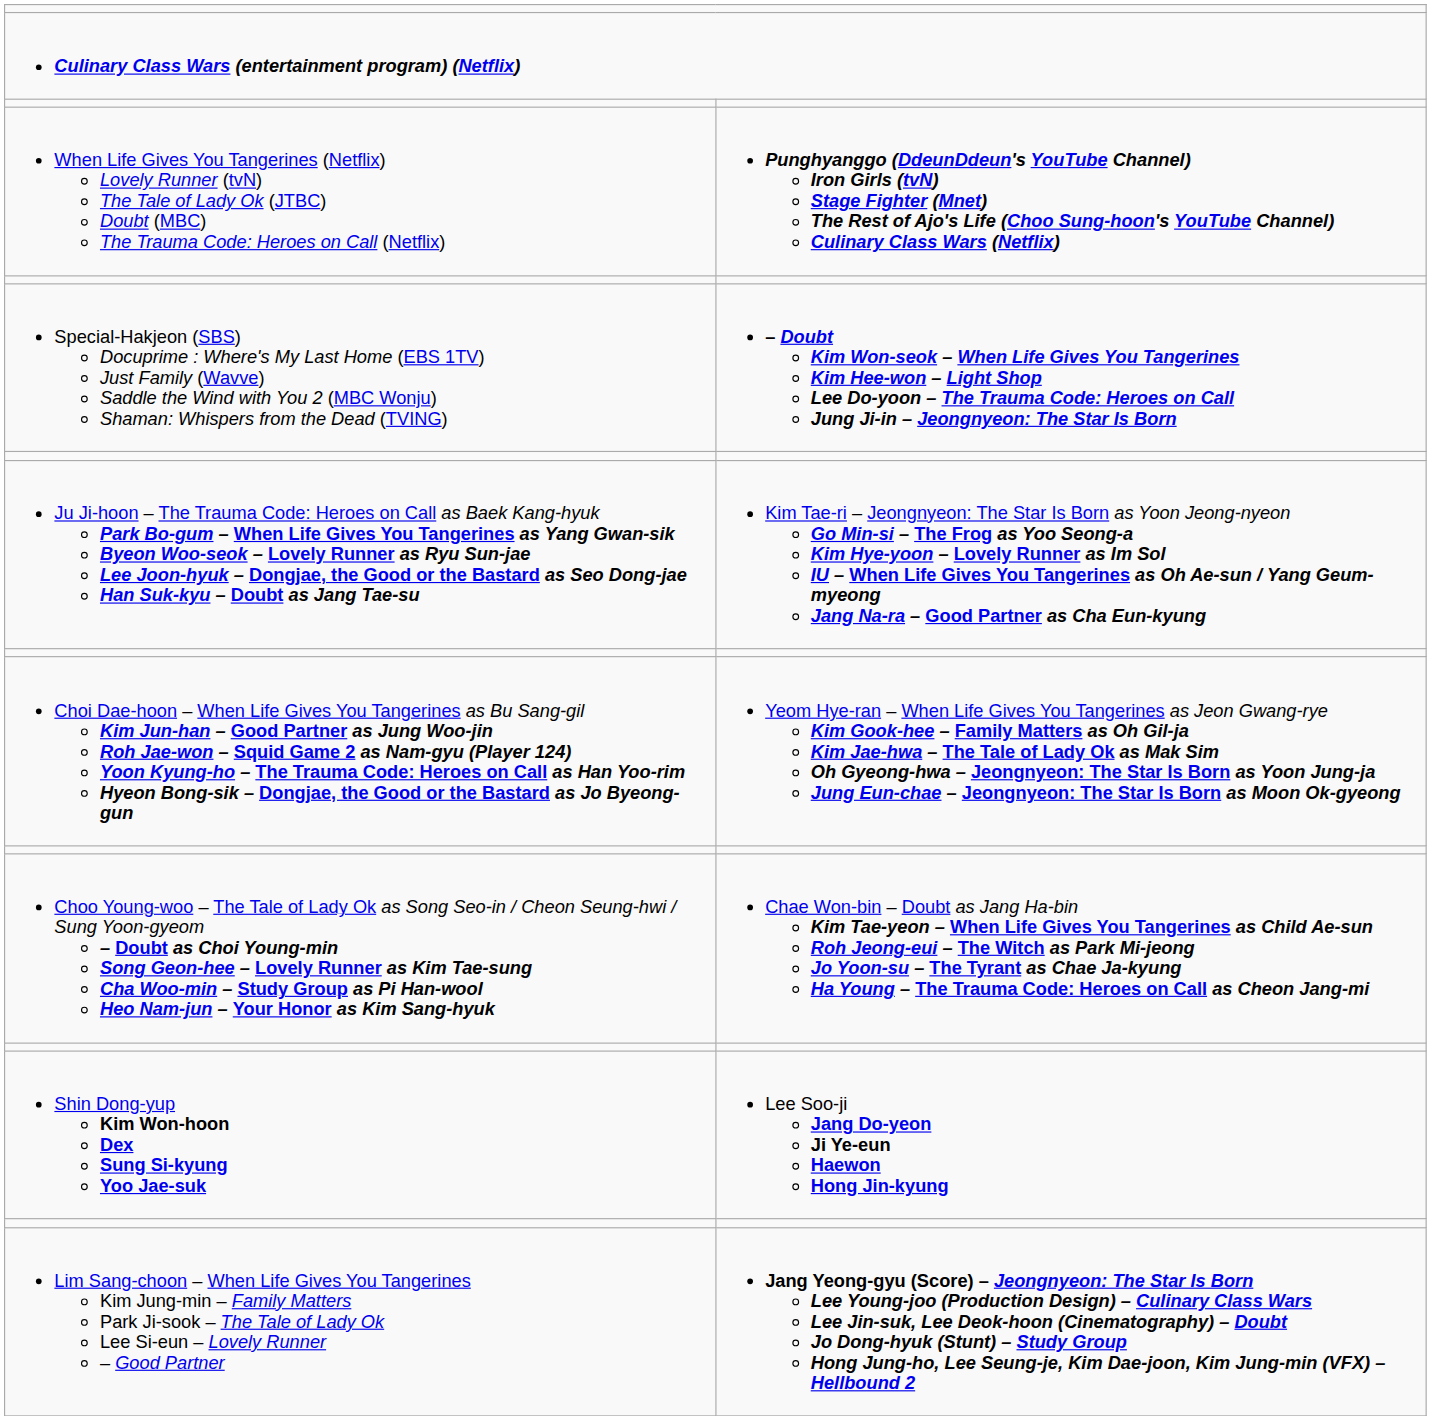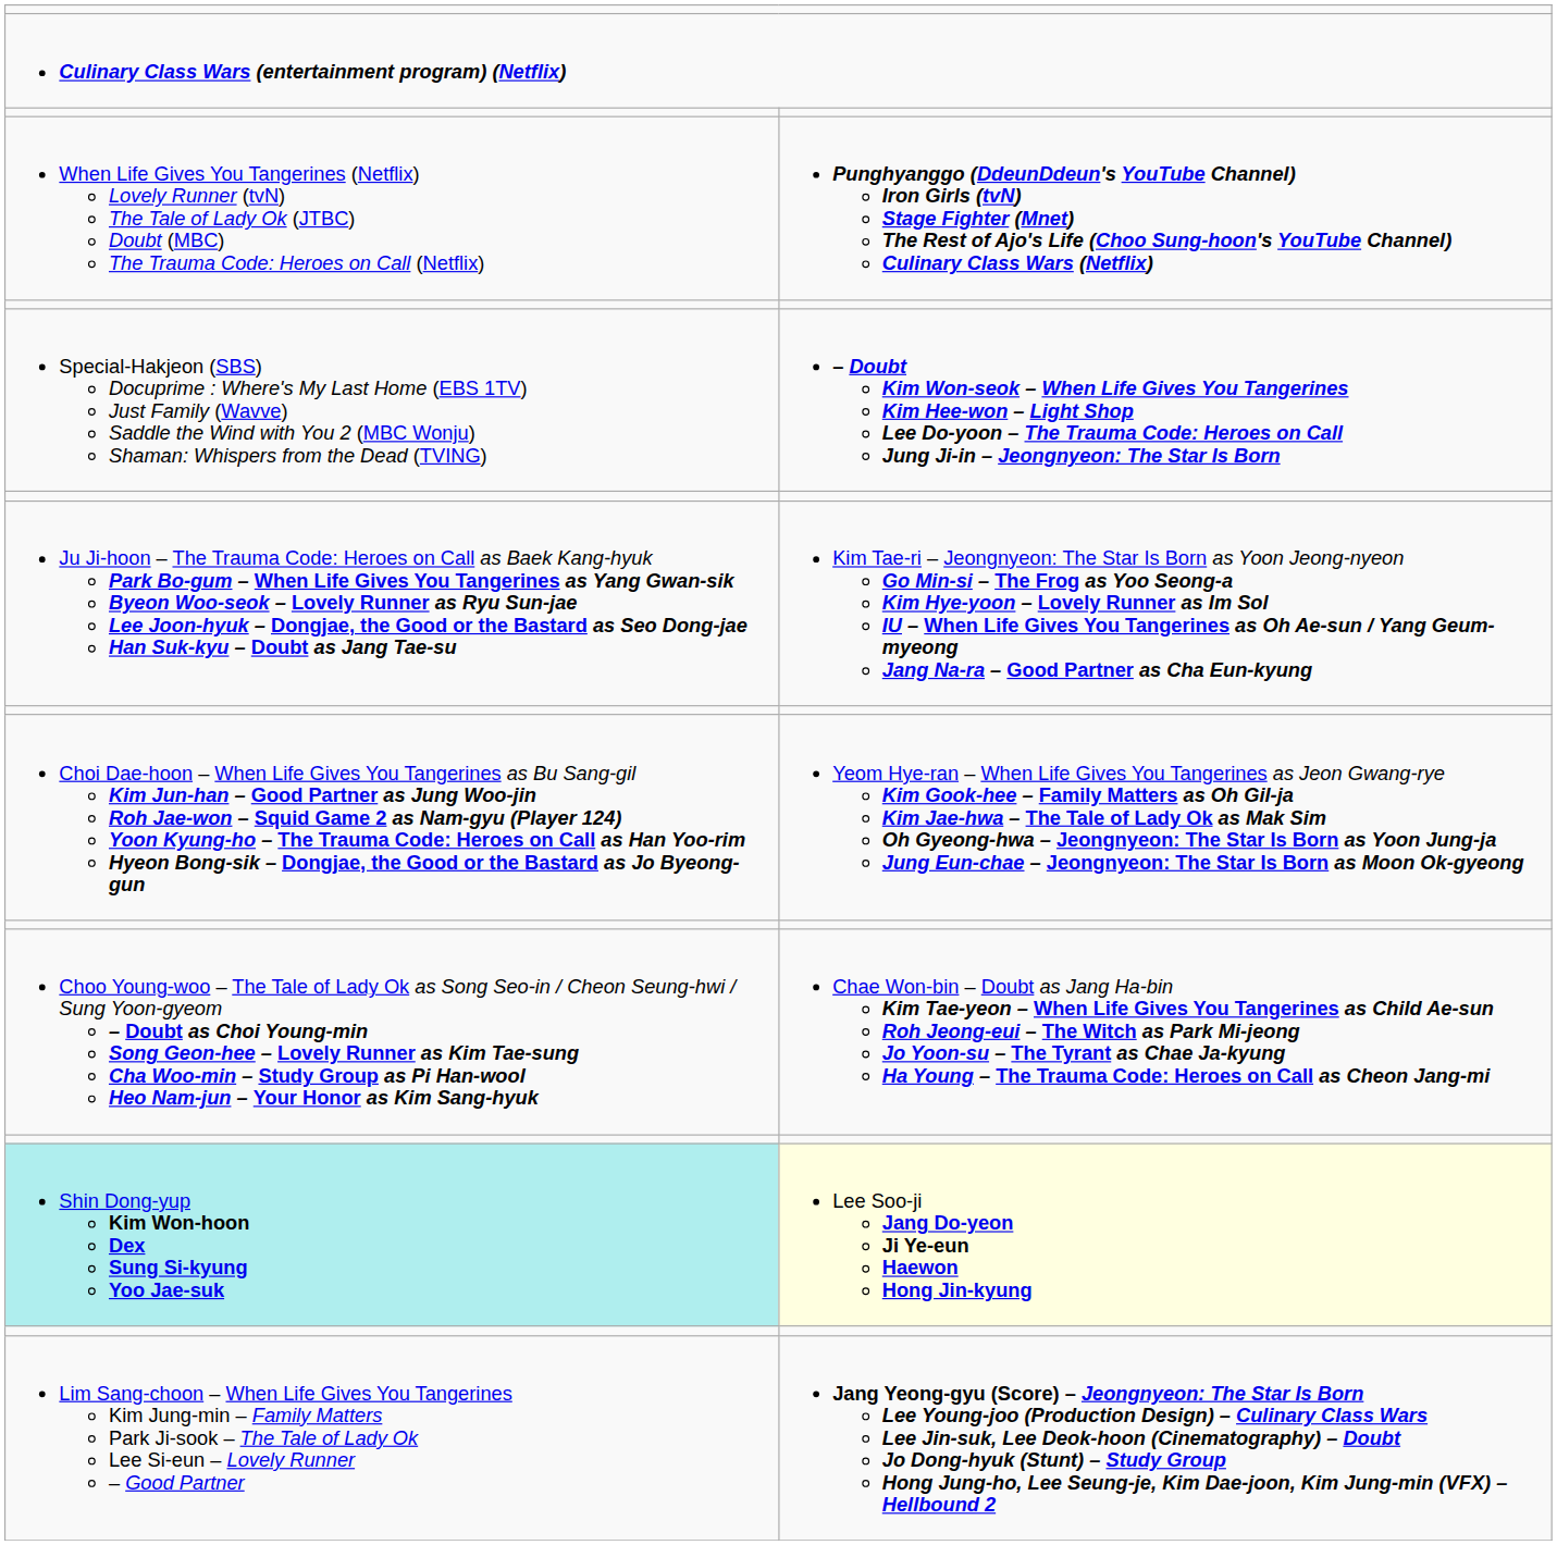 <table class="wikitable">
 <tr>
 <td colspan="2" style="width:100%"></td>
 </tr>
 <tr>
 <td colspan="2" style="vertical-align:top"><br><ul><li><strong><em><a href='#'>Culinary Class Wars</a><em> (entertainment program) (<a href='#'>Netflix</a>)<strong></li></ul></td>
 </tr>
 <tr>
 <td style="width:50%"></td>
 <td style="width:50%"></td>
 </tr>
 <tr>
 <td style="vertical-align:top"><br><ul><li></em></strong><a href='#'>When Life Gives You Tangerines</a></em> (<a href='#'>Netflix</a>)</strong><ul><li><em><a href='#'>Lovely Runner</a></em> (<a href='#'>tvN</a>)</li><li><em><a href='#'>The Tale of Lady Ok</a></em> (<a href='#'>JTBC</a>)</li><li><em><a href='#'>Doubt</a></em> (<a href='#'>MBC</a>)</li><li><em><a href='#'>The Trauma Code: Heroes on Call</a></em> (<a href='#'>Netflix</a>)</li></ul></li></ul></td>
 <td style="vertical-align:top"><br><ul><li><strong><em>Punghyanggo<em> (<a href='#'>DdeunDdeun</a>'s <a href='#'>YouTube</a> Channel)<strong><ul><li></em>Iron Girls<em> (<a href='#'>tvN</a>)</li><li></em><a href='#'>Stage Fighter</a><em> (<a href='#'>Mnet</a>)</li><li></em>The Rest of Ajo's Life<em> (<a href='#'>Choo Sung-hoon</a>'s <a href='#'>YouTube</a> Channel)</li><li></em><a href='#'>Culinary Class Wars</a><em> (<a href='#'>Netflix</a>)</li></ul></li></ul></td>
 </tr>
 <tr>
 <td style="width:50%"></td>
 <td style="width:50%"></td>
 </tr>
 <tr>
 <td style="vertical-align:top"><br><ul><li></em></strong>Special-Hakjeon</em>  (<a href='#'>SBS</a>)</strong><ul><li><em>Docuprime : Where's My Last Home</em> (<a href='#'>EBS 1TV</a>)</li><li><em>Just Family</em> (<a href='#'>Wavve</a>)</li><li><em>Saddle the Wind with You 2</em> (<a href='#'>MBC Wonju</a>)</li><li><em>Shaman: Whispers from the Dead</em> (<a href='#'>TVING</a>)</li></ul></li></ul></td>
 <td style="vertical-align:top"><br><ul><li><strong> – <em><a href='#'>Doubt</a><strong><em><ul><li><a href='#'>Kim Won-seok</a> – </em><a href='#'>When Life Gives You Tangerines</a><em></li><li><a href='#'>Kim Hee-won</a> – </em><a href='#'>Light Shop</a><em></li><li>Lee Do-yoon – </em><a href='#'>The Trauma Code: Heroes on Call</a><em></li><li>Jung Ji-in – </em><a href='#'>Jeongnyeon: The Star Is Born</a><em></li></ul></li></ul></td>
 </tr>
 <tr>
 <td style="width:50%"></td>
 <td style="width:50%"></td>
 </tr>
 <tr>
 <td style="vertical-align:top"><br><ul><li></strong><a href='#'>Ju Ji-hoon</a> – </em><a href='#'>The Trauma Code: Heroes on Call</a><em> as Baek Kang-hyuk<strong><ul><li><a href='#'>Park Bo-gum</a> – </em><a href='#'>When Life Gives You Tangerines</a><em> as Yang Gwan-sik</li><li><a href='#'>Byeon Woo-seok</a> – </em><a href='#'>Lovely Runner</a><em> as Ryu Sun-jae</li><li><a href='#'>Lee Joon-hyuk</a> – </em><a href='#'>Dongjae, the Good or the Bastard</a><em> as Seo Dong-jae</li><li><a href='#'>Han Suk-kyu</a> – </em><a href='#'>Doubt</a><em> as Jang Tae-su</li></ul></li></ul></td>
 <td style="vertical-align:top"><br><ul><li></strong><a href='#'>Kim Tae-ri</a> – </em><a href='#'>Jeongnyeon: The Star Is Born</a><em> as Yoon Jeong-nyeon<strong><ul><li><a href='#'>Go Min-si</a> – </em><a href='#'>The Frog</a><em> as Yoo Seong-a</li><li><a href='#'>Kim Hye-yoon</a> – </em><a href='#'>Lovely Runner</a><em> as Im Sol</li><li><a href='#'>IU</a> – </em><a href='#'>When Life Gives You Tangerines</a><em> as Oh Ae-sun / Yang Geum-myeong</li><li><a href='#'>Jang Na-ra</a> – </em><a href='#'>Good Partner</a><em> as Cha Eun-kyung</li></ul></li></ul></td>
 </tr>
 <tr>
 <td style="width:50%"></td>
 <td style="width:50%"></td>
 </tr>
 <tr>
 <td style="vertical-align:top"><br><ul><li></strong><a href='#'>Choi Dae-hoon</a> – </em><a href='#'>When Life Gives You Tangerines</a><em> as Bu Sang-gil<strong><ul><li><a href='#'>Kim Jun-han</a> – </em><a href='#'>Good Partner</a><em> as Jung Woo-jin</li><li><a href='#'>Roh Jae-won</a> – </em><a href='#'>Squid Game 2</a><em> as Nam-gyu (Player 124)</li><li><a href='#'>Yoon Kyung-ho</a> – </em><a href='#'>The Trauma Code: Heroes on Call</a><em> as Han Yoo-rim</li><li>Hyeon Bong-sik – </em><a href='#'>Dongjae, the Good or the Bastard</a><em> as Jo Byeong-gun</li></ul></li></ul></td>
 <td style="vertical-align:top"><br><ul><li></strong><a href='#'>Yeom Hye-ran</a> – </em><a href='#'>When Life Gives You Tangerines</a><em> as Jeon Gwang-rye<strong><ul><li><a href='#'>Kim Gook-hee</a> – </em><a href='#'>Family Matters</a><em> as Oh Gil-ja</li><li><a href='#'>Kim Jae-hwa</a> – </em><a href='#'>The Tale of Lady Ok</a><em> as Mak Sim</li><li>Oh Gyeong-hwa – </em><a href='#'>Jeongnyeon: The Star Is Born</a><em> as Yoon Jung-ja</li><li><a href='#'>Jung Eun-chae</a> – </em><a href='#'>Jeongnyeon: The Star Is Born</a><em> as Moon Ok-gyeong</li></ul></li></ul></td>
 </tr>
 <tr>
 <td style="width:50%"></td>
 <td style="width:50%"></td>
 </tr>
 <tr>
 <td style="vertical-align:top"><br><ul><li></strong><a href='#'>Choo Young-woo</a> – </em><a href='#'>The Tale of Lady Ok</a><em> as Song Seo-in / Cheon Seung-hwi / Sung Yoon-gyeom<strong><ul><li> – </em><a href='#'>Doubt</a><em> as Choi Young-min</li><li><a href='#'>Song Geon-hee</a> – </em><a href='#'>Lovely Runner</a><em> as Kim Tae-sung</li><li><a href='#'>Cha Woo-min</a> – </em><a href='#'>Study Group</a><em> as Pi Han-wool</li><li><a href='#'>Heo Nam-jun</a> – </em><a href='#'>Your Honor</a><em> as Kim Sang-hyuk</li></ul></li></ul></td>
 <td style="vertical-align:top"><br><ul><li></strong><a href='#'>Chae Won-bin</a> – </em><a href='#'>Doubt</a><em> as Jang Ha-bin<strong><ul><li>Kim Tae-yeon – </em><a href='#'>When Life Gives You Tangerines</a><em> as Child Ae-sun</li><li><a href='#'>Roh Jeong-eui</a> – </em><a href='#'>The Witch</a><em> as Park Mi-jeong</li><li><a href='#'>Jo Yoon-su</a> – </em><a href='#'>The Tyrant</a><em> as Chae Ja-kyung</li><li><a href='#'>Ha Young</a> – </em><a href='#'>The Trauma Code: Heroes on Call</a><em> as Cheon Jang-mi</li></ul></li></ul></td>
 </tr>
 <tr>
 <td style="width:50%"></td>
 <td style="width:50%"></td>
 </tr>
 <tr>
-<td style="vertical-align:top"><br><ul><li></strong><a href='#'>Shin Dong-yup</a><strong><ul><li>Kim Won-hoon</li><li><a href='#'>Dex</a></li><li><a href='#'>Sung Si-kyung</a></li><li><a href='#'>Yoo Jae-suk</a></li></ul></li></ul></td>
-<td style="vertical-align:top"><br><ul><li></strong>Lee Soo-ji<strong><ul><li><a href='#'>Jang Do-yeon</a></li><li>Ji Ye-eun</li><li><a href='#'>Haewon</a></li><li><a href='#'>Hong Jin-kyung</a></li></ul></li></ul></td>
+<td style="background: paleturquoise; vertical-align:top"><br><ul><li></strong><a href='#'>Shin Dong-yup</a><strong><ul><li>Kim Won-hoon</li><li><a href='#'>Dex</a></li><li><a href='#'>Sung Si-kyung</a></li><li><a href='#'>Yoo Jae-suk</a></li></ul></li></ul></td>
+<td style="background: lightyellow; vertical-align:top"><br><ul><li></strong>Lee Soo-ji<strong><ul><li><a href='#'>Jang Do-yeon</a></li><li>Ji Ye-eun</li><li><a href='#'>Haewon</a></li><li><a href='#'>Hong Jin-kyung</a></li></ul></li></ul></td>
 </tr>
 <tr>
 <td style="width:50%"></td>
 <td style="width:50%"></td>
 </tr>
 <tr>
 <td style="vertical-align:top"><br><ul><li></strong><a href='#'>Lim Sang-choon</a> – </em><a href='#'>When Life Gives You Tangerines</a></em></strong><ul><li>Kim Jung-min – <em><a href='#'>Family Matters</a></em></li><li>Park Ji-sook – <em><a href='#'>The Tale of Lady Ok</a></em></li><li>Lee Si-eun – <em><a href='#'>Lovely Runner</a></em></li><li> – <em><a href='#'>Good Partner</a></em></li></ul></li></ul></td>
 <td style="vertical-align:top"><br><ul><li><strong>Jang Yeong-gyu (Score) – <em><a href='#'>Jeongnyeon: The Star Is Born</a><strong><em><ul><li>Lee Young-joo (Production Design) – </em><a href='#'>Culinary Class Wars</a><em></li><li>Lee Jin-suk, Lee Deok-hoon (Cinematography) – </em><a href='#'>Doubt</a><em></li><li>Jo Dong-hyuk (Stunt) – </em><a href='#'>Study Group</a><em></li><li>Hong Jung-ho, Lee Seung-je, Kim Dae-joon, Kim Jung-min (VFX) – </em><a href='#'>Hellbound 2</a><em></li></ul></li></ul></td>
 </tr>
 </table>
